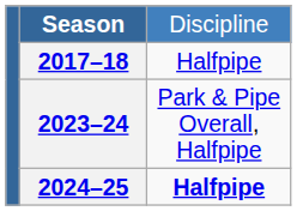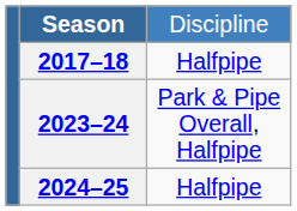 <table class="wikitable"  style="font-size:95%; text-align:center; border:gray solid 1px; width:30%;">
 <tr style="background:#369; color:white;">
 <td rowspan="19" width="1%"></td>
 <td rowspan="2" style="width:10%;"><strong>Season</strong></td>
 </tr>
 <tr style="background:#4180be; color:white;">
 <td style="width:10%;">Discipline</td>
 </tr>
 <tr>
 <th><a href='#'>2017–18</a></th>
 <td><a href='#'>Halfpipe</a></td>
 </tr>
 <tr>
 <th><a href='#'>2023–24</a></th>
 <td><a href='#'>Park & Pipe Overall</a>, <a href='#'>Halfpipe</a></td>
 </tr>
 <tr>
 <th><a href='#'>2024–25</a></th>
-<td><strong><a href='#'>Halfpipe</a></strong></td>
+<td><a href='#'>Halfpipe</a></td>
 </tr>
 </table>
